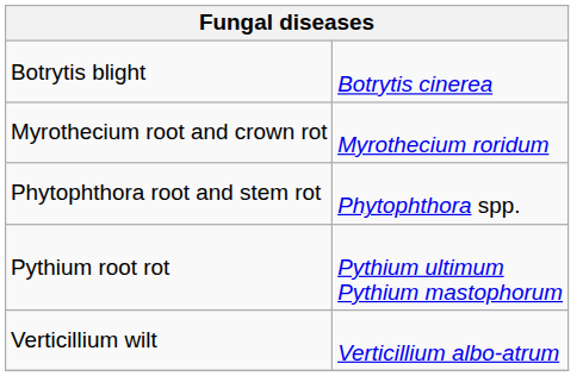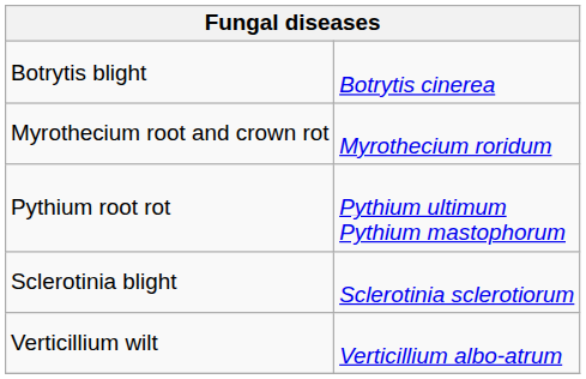 <table class="wikitable" style="clear">
 <tr>
 <th colspan=2><strong>Fungal diseases</strong><br></th>
 </tr>
 <tr>
 <td>Botrytis blight</td>
 <td><br><em><a href='#'>Botrytis cinerea</a></em></td>
 </tr>
 <tr>
 <td>Myrothecium root and crown rot</td>
 <td><br><em><a href='#'>Myrothecium roridum</a></em></td>
 </tr>
 <tr>
-<td>Phytophthora root and stem rot</td>
-<td><br><em><a href='#'>Phytophthora</a></em> spp.</td>
+<td>Pythium root rot</td>
+<td><br><em><a href='#'>Pythium ultimum</a></em><br> <em><a href='#'>Pythium mastophorum</a></em></td>
 </tr>
 <tr>
-<td>Pythium root rot</td>
-<td><br><em><a href='#'>Pythium ultimum</a></em><br> <em><a href='#'>Pythium mastophorum</a></em></td>
+<td>Sclerotinia blight</td>
+<td><br><em><a href='#'>Sclerotinia sclerotiorum</a></em></td>
 </tr>
 <tr>
 <td>Verticillium wilt</td>
 <td><br><em><a href='#'>Verticillium albo-atrum</a></em></td>
 </tr>
 <tr>
 </tr>
 </table>
